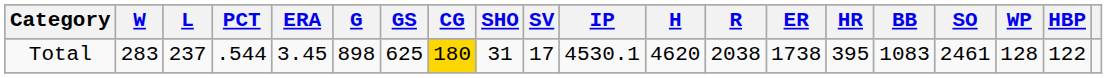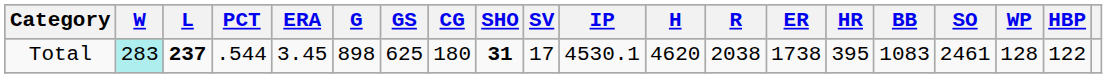 <table class="wikitable"  style="font-size: 95%; text-align:center;">
 <tr>
 <th>Category</th>
 <th><a href='#'>W</a></th>
 <th><a href='#'>L</a></th>
 <th><a href='#'>PCT</a></th>
 <th><a href='#'>ERA</a></th>
 <th><a href='#'>G</a></th>
 <th><a href='#'>GS</a></th>
 <th><a href='#'>CG</a></th>
 <th><a href='#'>SHO</a></th>
 <th><a href='#'>SV</a></th>
 <th><a href='#'>IP</a></th>
 <th><a href='#'>H</a></th>
 <th><a href='#'>R</a></th>
 <th><a href='#'>ER</a></th>
 <th><a href='#'>HR</a></th>
 <th><a href='#'>BB</a></th>
 <th><a href='#'>SO</a></th>
 <th><a href='#'>WP</a></th>
 <th><a href='#'>HBP</a></th>
 <th></th>
 </tr>
 <tr>
 <td>Total</td>
-<td>283</td>
-<td>237</td>
+<td style="background: paleturquoise;">283</td>
+<td><strong>237</strong></td>
 <td>.544</td>
 <td>3.45</td>
 <td>898</td>
 <td>625</td>
-<td style="background: gold;">180</td>
-<td>31</td>
+<td>180</td>
+<td><strong>31</strong></td>
 <td>17</td>
 <td>4530.1</td>
 <td>4620</td>
 <td>2038</td>
 <td>1738</td>
 <td>395</td>
 <td>1083</td>
 <td>2461</td>
 <td>128</td>
 <td>122</td>
 <td></td>
 </tr>
 </table>
